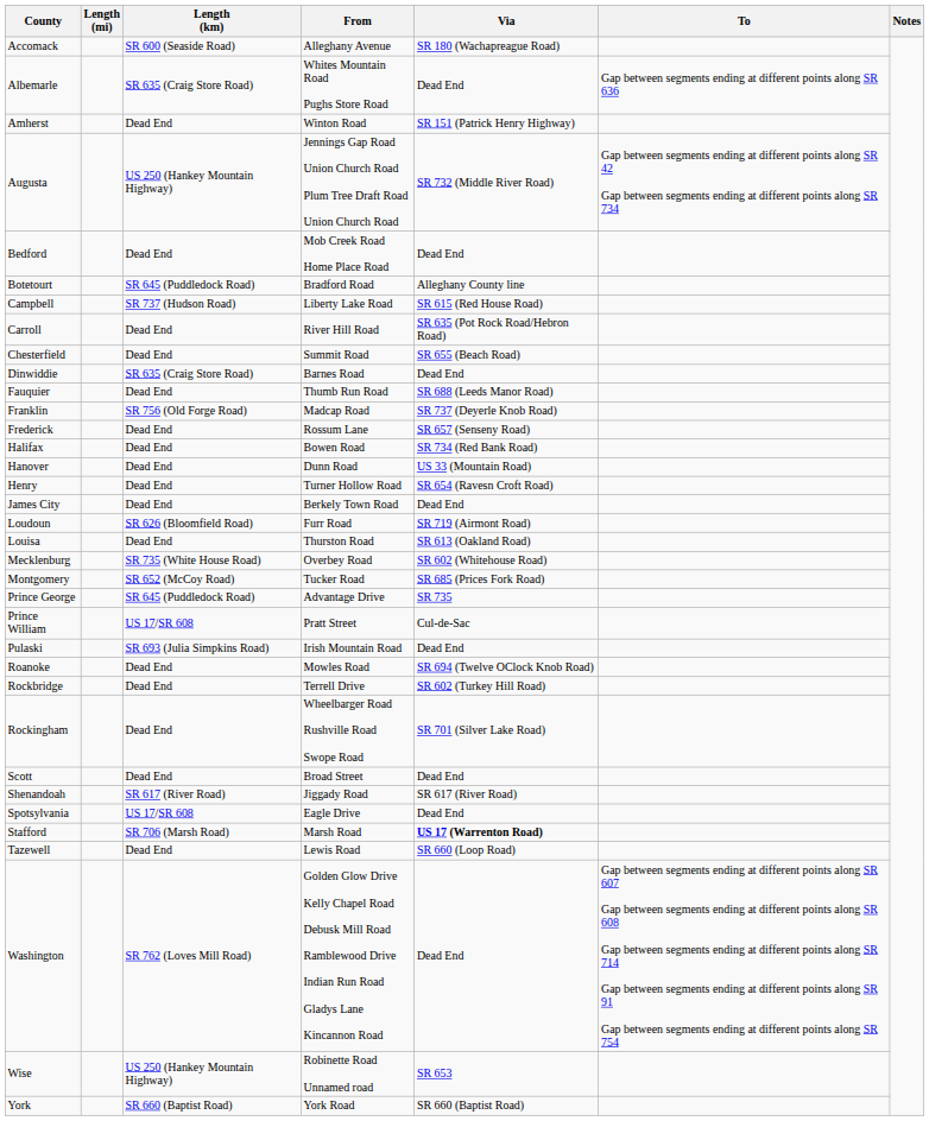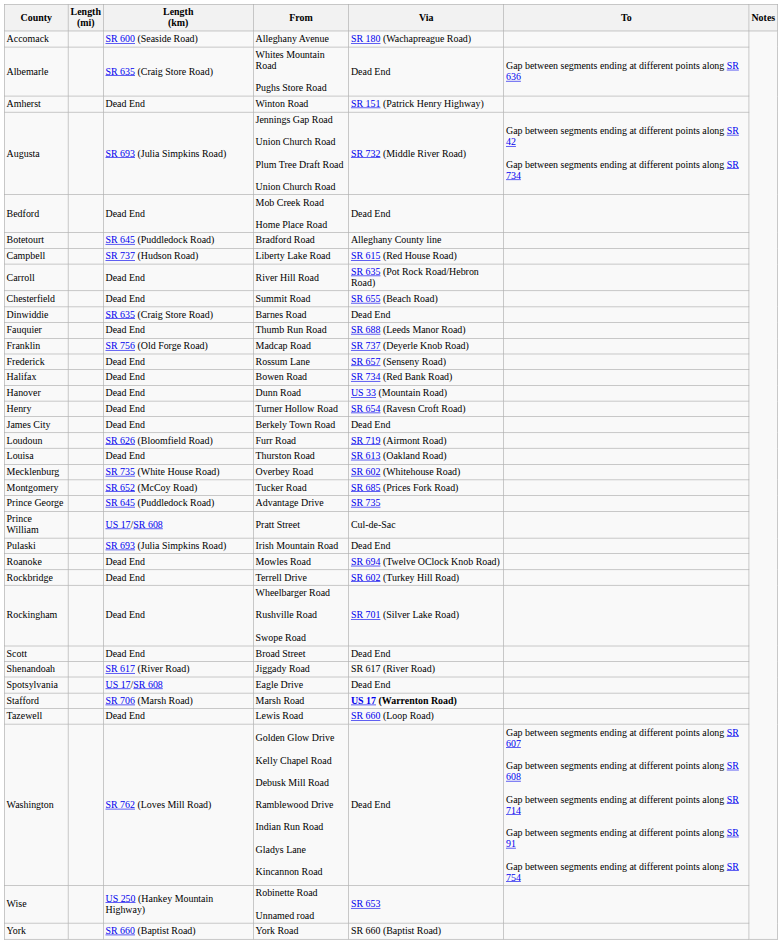 <table class="wikitable sortable">
 <tr>
 <th>County</th>
 <th>Length<br>(mi)</th>
 <th>Length<br>(km)</th>
 <th class="unsortable">From</th>
 <th class="unsortable">Via</th>
 <th class="unsortable">To</th>
 <th class="unsortable">Notes</th>
 </tr>
 <tr>
 <td id="Accomack">Accomack</td>
 <td></td>
 <td><a href='#'>SR 600</a> (Seaside Road)</td>
 <td>Alleghany Avenue</td>
 <td><a href='#'>SR 180</a> (Wachapreague Road)</td>
 <td></td>
 </tr>
 <tr>
 <td id="Albemarle">Albemarle</td>
 <td></td>
 <td><a href='#'>SR 635</a> (Craig Store Road)</td>
 <td>Whites Mountain Road<br><br>Pughs Store Road</td>
 <td>Dead End</td>
 <td>Gap between segments ending at different points along <a href='#'>SR 636</a><br> </td>
 </tr>
 <tr>
 <td id="Amherst">Amherst</td>
 <td></td>
 <td>Dead End</td>
 <td>Winton Road</td>
 <td><a href='#'>SR 151</a> (Patrick Henry Highway)</td>
 <td><br> </td>
 </tr>
 <tr>
 <td id="Augusta">Augusta</td>
 <td></td>
-<td><a href='#'>US 250</a> (Hankey Mountain Highway)</td>
+<td><a href='#'>SR 693</a> (Julia Simpkins Road)</td>
 <td>Jennings Gap Road<br><br>Union Church Road<br><br>Plum Tree Draft Road<br><br>Union Church Road</td>
 <td><a href='#'>SR 732</a> (Middle River Road)</td>
 <td>Gap between segments ending at different points along <a href='#'>SR 42</a><br><br>Gap between segments ending at different points along <a href='#'>SR 734</a><br></td>
 </tr>
 <tr>
 <td id="Bedford">Bedford</td>
 <td></td>
 <td>Dead End</td>
 <td>Mob Creek Road<br><br>Home Place Road</td>
 <td>Dead End</td>
 <td><br></td>
 </tr>
 <tr>
 <td id="Botetourt">Botetourt</td>
 <td></td>
 <td><a href='#'>SR 645</a> (Puddledock Road)</td>
 <td>Bradford Road</td>
 <td>Alleghany County line</td>
 <td><br>  </td>
 </tr>
 <tr>
 <td id="Campbell">Campbell</td>
 <td></td>
 <td><a href='#'>SR 737</a> (Hudson Road)</td>
 <td>Liberty Lake Road</td>
 <td><a href='#'>SR 615</a> (Red House Road)</td>
 <td><br></td>
 </tr>
 <tr>
 <td id="Carroll">Carroll</td>
 <td></td>
 <td>Dead End</td>
 <td>River Hill Road</td>
 <td><a href='#'>SR 635</a> (Pot Rock Road/Hebron Road)</td>
 <td><br> </td>
 </tr>
 <tr>
 <td id="Chesterfield">Chesterfield</td>
 <td></td>
 <td>Dead End</td>
 <td>Summit Road</td>
 <td><a href='#'>SR 655</a> (Beach Road)</td>
 <td><br>    </td>
 </tr>
 <tr>
 <td id="Dinwiddie">Dinwiddie</td>
 <td></td>
 <td><a href='#'>SR 635</a> (Craig Store Road)</td>
 <td>Barnes Road</td>
 <td>Dead End</td>
 <td><br> </td>
 </tr>
 <tr>
 <td id="Fauquier">Fauquier</td>
 <td></td>
 <td>Dead End</td>
 <td>Thumb Run Road</td>
 <td><a href='#'>SR 688</a> (Leeds Manor Road)</td>
 <td><br> </td>
 </tr>
 <tr>
 <td id="Franklin">Franklin</td>
 <td></td>
 <td><a href='#'>SR 756</a> (Old Forge Road)</td>
 <td>Madcap Road</td>
 <td><a href='#'>SR 737</a> (Deyerle Knob Road)</td>
 <td></td>
 </tr>
 <tr>
 <td id="Frederick">Frederick</td>
 <td></td>
 <td>Dead End</td>
 <td>Rossum Lane</td>
 <td><a href='#'>SR 657</a> (Senseny Road)</td>
 <td><br>     </td>
 </tr>
 <tr>
 <td id="Halifax">Halifax</td>
 <td></td>
 <td>Dead End</td>
 <td>Bowen Road</td>
 <td><a href='#'>SR 734</a> (Red Bank Road)</td>
 <td></td>
 </tr>
 <tr>
 <td id="Hanover">Hanover</td>
 <td></td>
 <td>Dead End</td>
 <td>Dunn Road</td>
 <td><a href='#'>US 33</a> (Mountain Road)</td>
 <td><br></td>
 </tr>
 <tr>
 <td id="Henry">Henry</td>
 <td></td>
 <td>Dead End</td>
 <td>Turner Hollow Road</td>
 <td><a href='#'>SR 654</a> (Ravesn Croft Road)</td>
 <td><br> </td>
 </tr>
 <tr>
 <td id="James City">James City</td>
 <td></td>
 <td>Dead End</td>
 <td>Berkely Town Road</td>
 <td>Dead End</td>
 <td><br>    </td>
 </tr>
 <tr>
 <td id="Loudoun">Loudoun</td>
 <td></td>
 <td><a href='#'>SR 626</a> (Bloomfield Road)</td>
 <td>Furr Road</td>
 <td><a href='#'>SR 719</a> (Airmont Road)</td>
 <td></td>
 </tr>
 <tr>
 <td id="Louisa">Louisa</td>
 <td></td>
 <td>Dead End</td>
 <td>Thurston Road</td>
 <td><a href='#'>SR 613</a> (Oakland Road)</td>
 <td><br>  </td>
 </tr>
 <tr>
 <td id="Mecklenburg">Mecklenburg</td>
 <td></td>
 <td><a href='#'>SR 735</a> (White House Road)</td>
 <td>Overbey Road</td>
 <td><a href='#'>SR 602</a> (Whitehouse Road)</td>
 <td><br></td>
 </tr>
 <tr>
 <td id="Montgomery">Montgomery</td>
 <td></td>
 <td><a href='#'>SR 652</a> (McCoy Road)</td>
 <td>Tucker Road</td>
 <td><a href='#'>SR 685</a> (Prices Fork Road)</td>
 <td><br>          </td>
 </tr>
 <tr>
 <td id="Prince George">Prince George</td>
 <td></td>
 <td><a href='#'>SR 645</a> (Puddledock Road)</td>
 <td>Advantage Drive</td>
 <td><a href='#'>SR 735</a></td>
 <td></td>
 </tr>
 <tr>
 <td id="Prince William">Prince William</td>
 <td></td>
 <td><a href='#'>US 17</a>/<a href='#'>SR 608</a></td>
 <td>Pratt Street</td>
 <td>Cul-de-Sac</td>
 <td></td>
 </tr>
 <tr>
 <td id="Pulaski">Pulaski</td>
 <td></td>
 <td><a href='#'>SR 693</a> (Julia Simpkins Road)</td>
 <td>Irish Mountain Road</td>
 <td>Dead End</td>
 <td><br> </td>
 </tr>
 <tr>
 <td id="Roanoke">Roanoke</td>
 <td></td>
 <td>Dead End</td>
 <td>Mowles Road</td>
 <td><a href='#'>SR 694</a> (Twelve OClock Knob Road)</td>
 <td></td>
 </tr>
 <tr>
 <td id="Rockbridge">Rockbridge</td>
 <td></td>
 <td>Dead End</td>
 <td>Terrell Drive</td>
 <td><a href='#'>SR 602</a> (Turkey Hill Road)</td>
 <td></td>
 </tr>
 <tr>
 <td id="Rockingham">Rockingham</td>
 <td></td>
 <td>Dead End</td>
 <td>Wheelbarger Road<br><br>Rushville Road<br><br>Swope Road</td>
 <td><a href='#'>SR 701</a> (Silver Lake Road)</td>
 <td><br></td>
 </tr>
 <tr>
 <td id="Scott">Scott</td>
 <td></td>
 <td>Dead End</td>
 <td>Broad Street</td>
 <td>Dead End</td>
 <td></td>
 </tr>
 <tr>
 <td id="Shenandoah">Shenandoah</td>
 <td></td>
 <td><a href='#'>SR 617</a> (River Road)</td>
 <td>Jiggady Road</td>
 <td>SR 617 (River Road)</td>
 <td><br> </td>
 </tr>
 <tr>
 <td id="Spotsylvania">Spotsylvania</td>
 <td></td>
 <td><a href='#'>US 17</a>/<a href='#'>SR 608</a></td>
 <td>Eagle Drive</td>
 <td>Dead End</td>
 <td></td>
 </tr>
 <tr>
 <td id="Stafford">Stafford</td>
 <td></td>
 <td><a href='#'>SR 706</a> (Marsh Road)</td>
 <td>Marsh Road</td>
 <td><strong><a href='#'>US 17</a> (Warrenton Road)</strong></td>
 <td><br> </td>
 </tr>
 <tr>
 <td id="Tazewell">Tazewell</td>
 <td></td>
 <td>Dead End</td>
 <td>Lewis Road</td>
 <td><a href='#'>SR 660</a> (Loop Road)</td>
 <td><br></td>
 </tr>
 <tr>
 <td id="Washington">Washington</td>
 <td></td>
 <td><a href='#'>SR 762</a> (Loves Mill Road)</td>
 <td>Golden Glow Drive<br><br>Kelly Chapel Road<br><br>Debusk Mill Road<br><br>Ramblewood Drive<br><br>Indian Run Road<br><br>Gladys Lane<br><br>Kincannon Road</td>
 <td>Dead End</td>
 <td>Gap between segments ending at different points along <a href='#'>SR 607</a><br><br>Gap between segments ending at different points along <a href='#'>SR 608</a><br><br>Gap between segments ending at different points along <a href='#'>SR 714</a><br><br>Gap between segments ending at different points along <a href='#'>SR 91</a><br><br>Gap between segments ending at different points along <a href='#'>SR 754</a><br></td>
 </tr>
 <tr>
 <td id="Wise">Wise</td>
 <td></td>
 <td><a href='#'>US 250</a> (Hankey Mountain Highway)</td>
 <td>Robinette Road<br><br>Unnamed road</td>
 <td><a href='#'>SR 653</a></td>
 <td><br></td>
 </tr>
 <tr>
 <td id="York">York</td>
 <td></td>
 <td><a href='#'>SR 660</a> (Baptist Road)</td>
 <td>York Road</td>
 <td>SR 660 (Baptist Road)</td>
 <td></td>
 </tr>
 </table>
